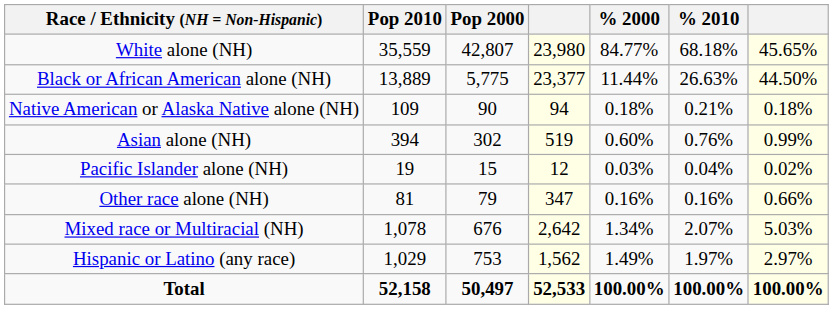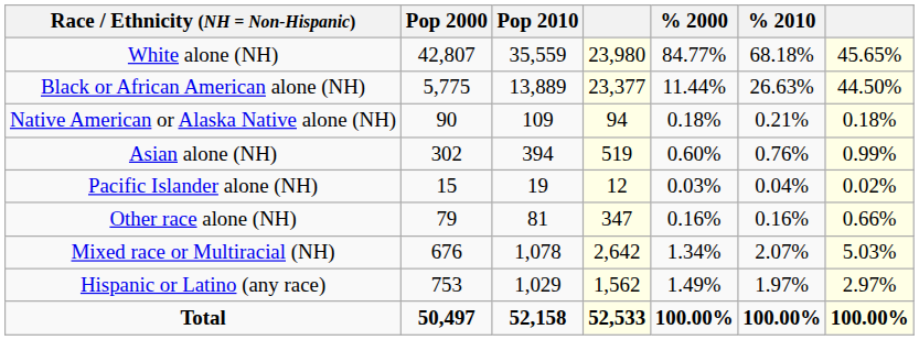 <table class="wikitable" style="text-align:center;">
 <tr>
 <th>Race / Ethnicity <small>(<em>NH = Non-Hispanic</em>)</small></th>
+<th>Pop 2000</th>
 <th>Pop 2010</th>
-<th>Pop 2000</th>
 <th></th>
 <th>% 2000</th>
 <th>% 2010</th>
 <th></th>
 </tr>
 <tr>
 <td><a href='#'>White</a> alone (NH)</td>
+<td>42,807</td>
 <td>35,559</td>
-<td>42,807</td>
 <td style='background: #ffffe6;'>23,980</td>
 <td>84.77%</td>
 <td>68.18%</td>
 <td style='background: #ffffe6;'>45.65%</td>
 </tr>
 <tr>
 <td><a href='#'>Black or African American</a> alone (NH)</td>
+<td>5,775</td>
 <td>13,889</td>
-<td>5,775</td>
 <td style='background: #ffffe6;'>23,377</td>
 <td>11.44%</td>
 <td>26.63%</td>
 <td style='background: #ffffe6;'>44.50%</td>
 </tr>
 <tr>
 <td><a href='#'>Native American</a> or <a href='#'>Alaska Native</a> alone (NH)</td>
+<td>90</td>
 <td>109</td>
-<td>90</td>
 <td style='background: #ffffe6;'>94</td>
 <td>0.18%</td>
 <td>0.21%</td>
 <td style='background: #ffffe6;'>0.18%</td>
 </tr>
 <tr>
 <td><a href='#'>Asian</a> alone (NH)</td>
+<td>302</td>
 <td>394</td>
-<td>302</td>
 <td style='background: #ffffe6;'>519</td>
 <td>0.60%</td>
 <td>0.76%</td>
 <td style='background: #ffffe6;'>0.99%</td>
 </tr>
 <tr>
 <td><a href='#'>Pacific Islander</a> alone (NH)</td>
+<td>15</td>
 <td>19</td>
-<td>15</td>
 <td style='background: #ffffe6;'>12</td>
 <td>0.03%</td>
 <td>0.04%</td>
 <td style='background: #ffffe6;'>0.02%</td>
 </tr>
 <tr>
 <td><a href='#'>Other race</a> alone (NH)</td>
+<td>79</td>
 <td>81</td>
-<td>79</td>
 <td style='background: #ffffe6;'>347</td>
 <td>0.16%</td>
 <td>0.16%</td>
 <td style='background: #ffffe6;'>0.66%</td>
 </tr>
 <tr>
 <td><a href='#'>Mixed race or Multiracial</a> (NH)</td>
+<td>676</td>
 <td>1,078</td>
-<td>676</td>
 <td style='background: #ffffe6;'>2,642</td>
 <td>1.34%</td>
 <td>2.07%</td>
 <td style='background: #ffffe6;'>5.03%</td>
 </tr>
 <tr>
 <td><a href='#'>Hispanic or Latino</a> (any race)</td>
+<td>753</td>
 <td>1,029</td>
-<td>753</td>
 <td style='background: #ffffe6;'>1,562</td>
 <td>1.49%</td>
 <td>1.97%</td>
 <td style='background: #ffffe6;'>2.97%</td>
 </tr>
 <tr>
 <td><strong>Total</strong></td>
+<td><strong>50,497</strong></td>
 <td><strong>52,158</strong></td>
-<td><strong>50,497</strong></td>
 <td style='background: #ffffe6;'><strong>52,533</strong></td>
 <td><strong>100.00%</strong></td>
 <td><strong>100.00%</strong></td>
 <td style='background: #ffffe6;'><strong>100.00%</strong></td>
 </tr>
 </table>
